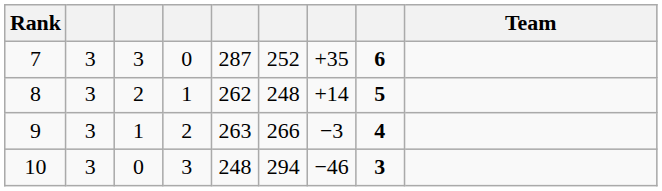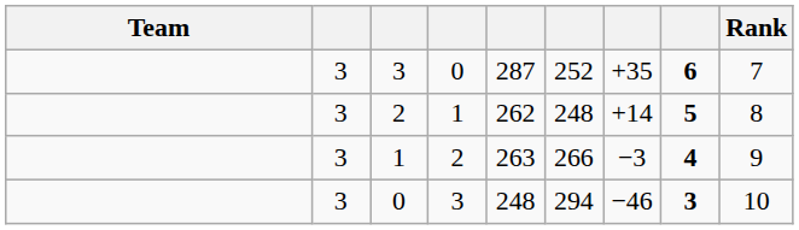 <table class="wikitable" style="text-align: center; font-size:90% ">
 <tr>
-<th width=25>Rank</th>
+<th width=160>Team</th>
 <th width=25></th>
 <th width=25></th>
 <th width=25></th>
 <th width=25></th>
 <th width=25></th>
 <th width=25></th>
 <th width=25></th>
-<th width=160>Team</th>
+<th width=25>Rank</th>
 </tr>
 <tr>
-<td>7</td>
+<td align=left></td>
 <td>3</td>
 <td>3</td>
 <td>0</td>
 <td>287</td>
 <td>252</td>
 <td>+35</td>
 <td><strong>6</strong></td>
-<td align=left></td>
+<td>7</td>
 </tr>
 <tr>
-<td>8</td>
+<td align=left></td>
 <td>3</td>
 <td>2</td>
 <td>1</td>
 <td>262</td>
 <td>248</td>
 <td>+14</td>
 <td><strong>5</strong></td>
-<td align=left></td>
+<td>8</td>
 </tr>
 <tr>
-<td>9</td>
+<td align=left></td>
 <td>3</td>
 <td>1</td>
 <td>2</td>
 <td>263</td>
 <td>266</td>
 <td>−3</td>
 <td><strong>4</strong></td>
-<td align=left></td>
+<td>9</td>
 </tr>
 <tr>
-<td>10</td>
+<td align=left></td>
 <td>3</td>
 <td>0</td>
 <td>3</td>
 <td>248</td>
 <td>294</td>
 <td>−46</td>
 <td><strong>3</strong></td>
-<td align=left></td>
+<td>10</td>
 </tr>
 </table>
